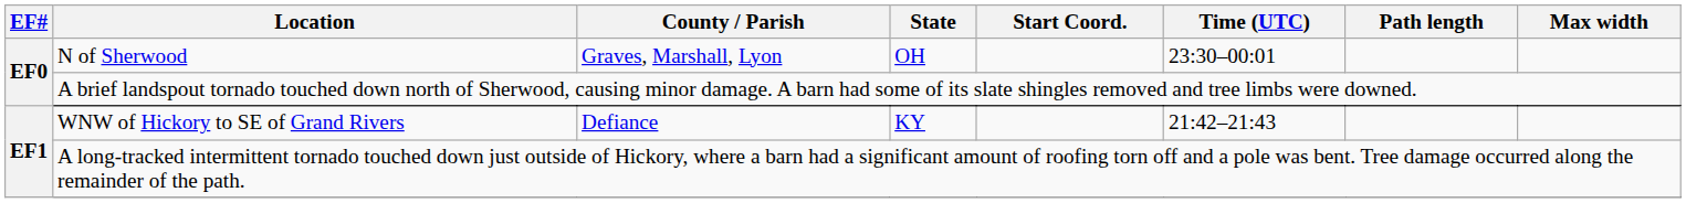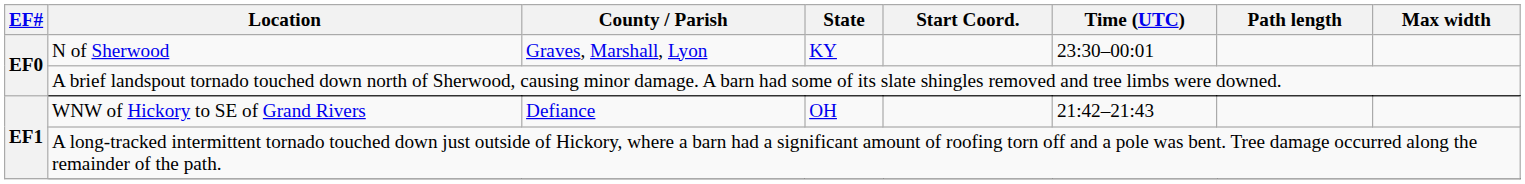 <table class="wikitable sortable" style="width:100%;">
 <tr>
 <th scope="col" width="2%" align="center"><a href='#'>EF#</a></th>
 <th scope="col" align="center" class="unsortable">Location</th>
 <th scope="col" align="center" class="unsortable">County / Parish</th>
 <th scope="col" align="center">State</th>
 <th scope="col" align="center">Start Coord.</th>
 <th scope="col" align="center">Time (<a href='#'>UTC</a>)</th>
 <th scope="col" align="center">Path length</th>
 <th scope="col" align="center">Max width</th>
 </tr>
 <tr>
 <th scope="row" rowspan="2" style="background-color:#">EF0</th>
 <td>N of <a href='#'>Sherwood</a></td>
 <td><a href='#'>Graves</a>, <a href='#'>Marshall</a>, <a href='#'>Lyon</a></td>
-<td><a href='#'>OH</a></td>
+<td><a href='#'>KY</a></td>
 <td></td>
 <td>23:30–00:01</td>
 <td></td>
 <td></td>
 </tr>
 <tr class="expand-child">
 <td colspan="8" style=" border-bottom: 1px solid black;">A brief landspout tornado touched down north of Sherwood, causing minor damage. A barn had some of its slate shingles removed and tree limbs were downed.</td>
 </tr>
 <tr>
 <th scope="row" rowspan="2" style="background-color:#">EF1</th>
 <td>WNW of <a href='#'>Hickory</a> to SE of <a href='#'>Grand Rivers</a></td>
 <td><a href='#'>Defiance</a></td>
-<td><a href='#'>KY</a></td>
+<td><a href='#'>OH</a></td>
 <td></td>
 <td>21:42–21:43</td>
 <td></td>
 <td></td>
 </tr>
 <tr class="expand-child">
 <td colspan="8" style=" border-bottom: 1px solid black;">A long-tracked intermittent tornado touched down just outside of Hickory, where a barn had a significant amount of roofing torn off and a pole was bent. Tree damage occurred along the remainder of the path.</td>
 </tr>
 <tr>
 </tr>
 </table>
